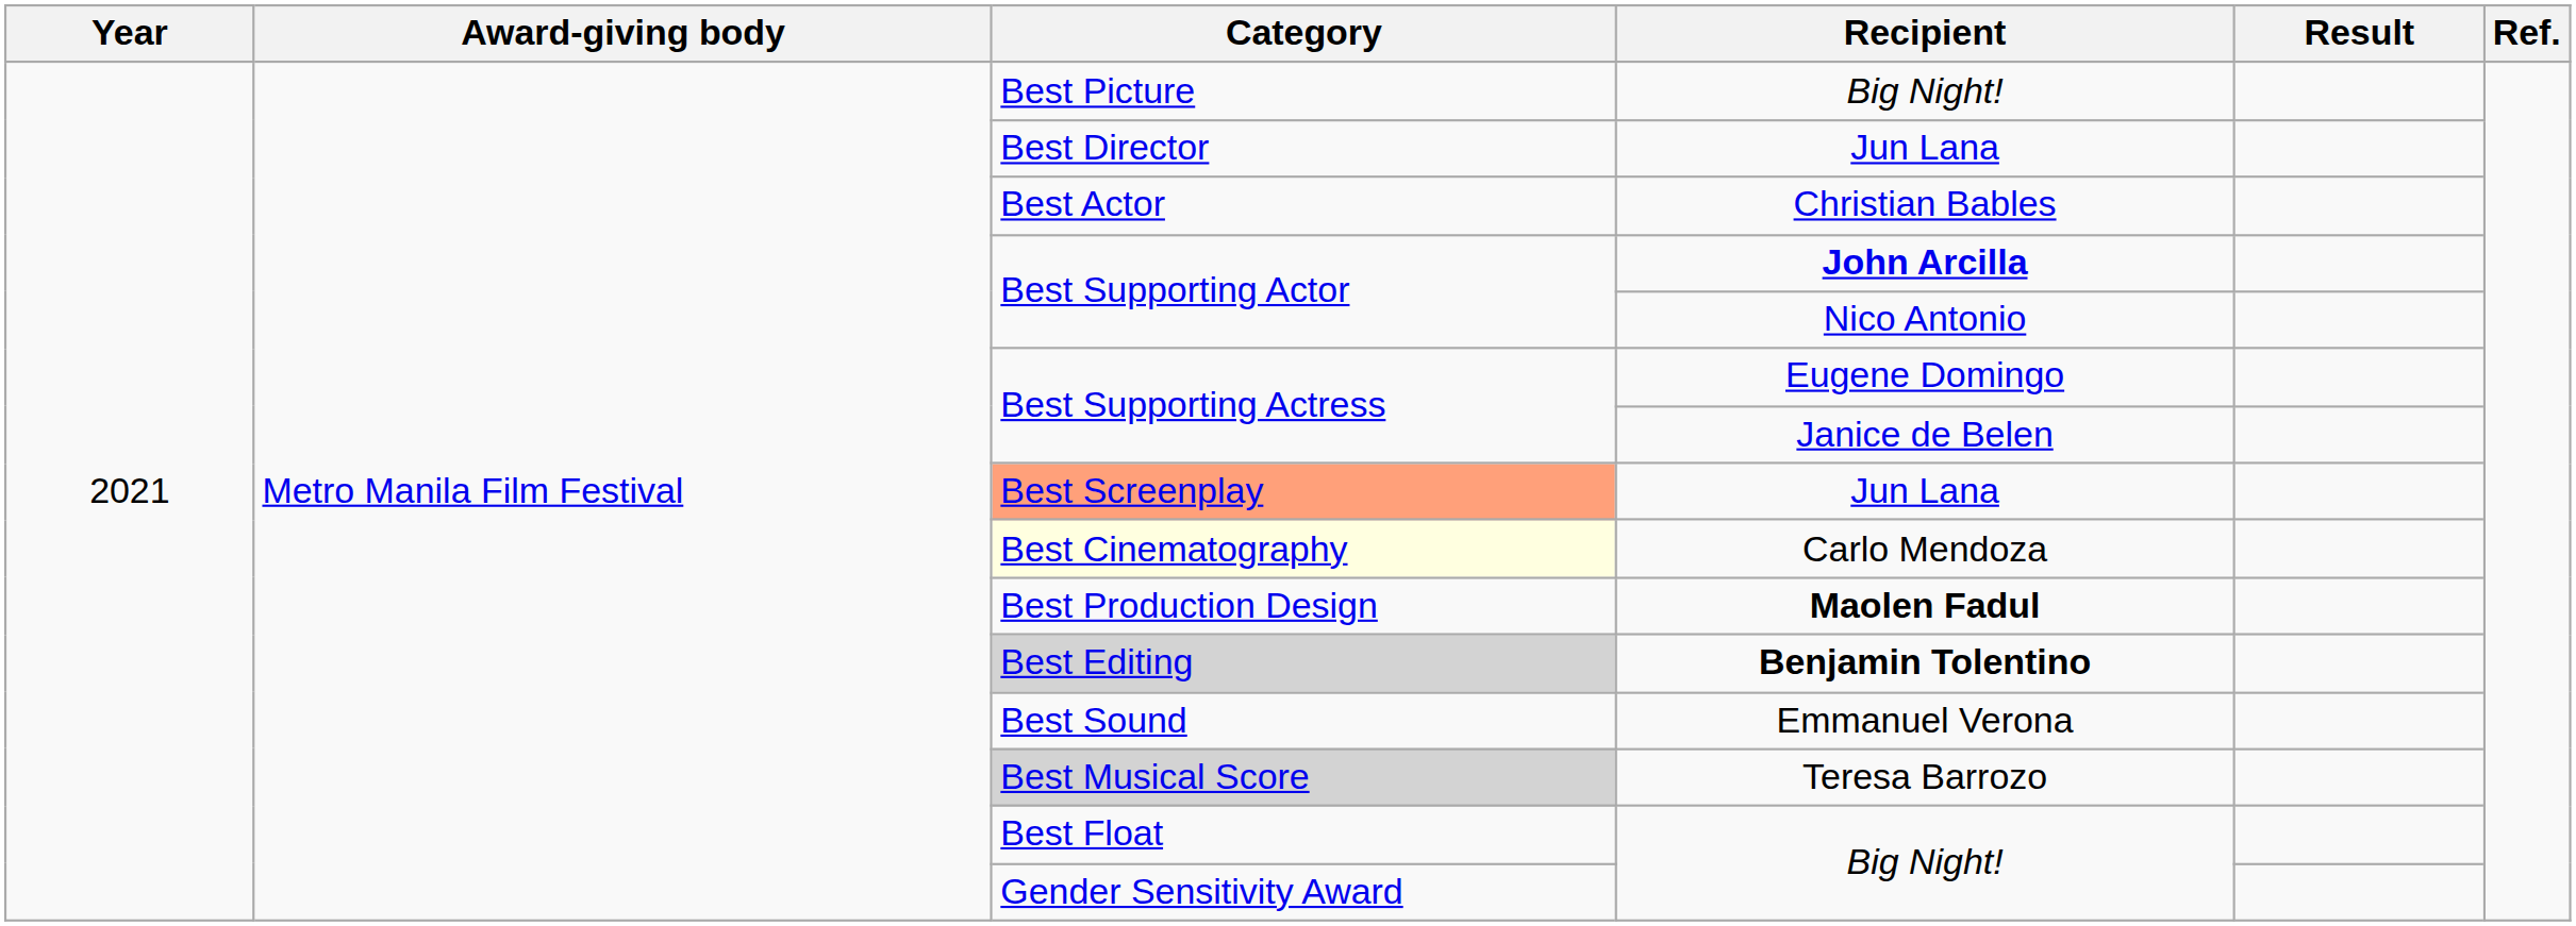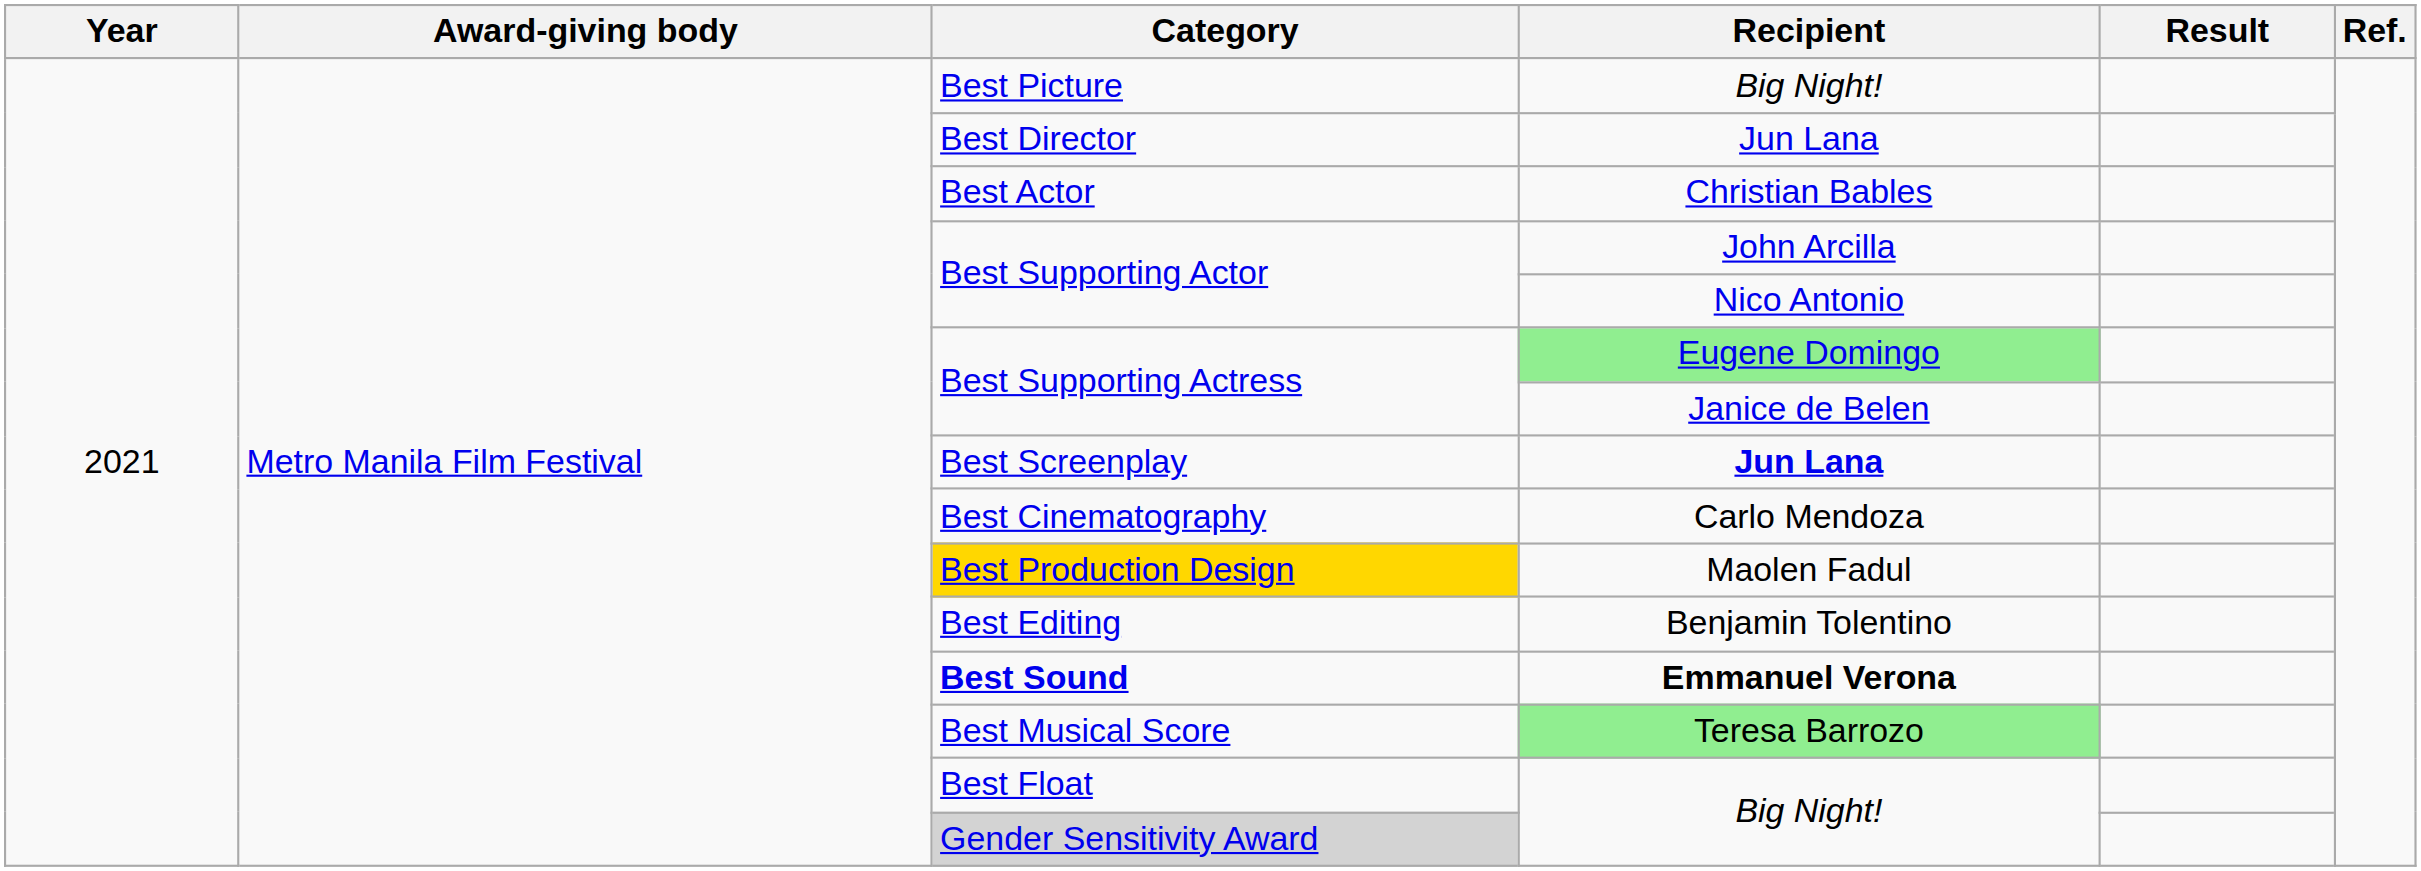 <table | width="90%" class="wikitable sortable" style="text-align:center">
 <tr>
 <th width="10%">Year</th>
 <th width="30%">Award-giving body</th>
 <th width="25%">Category</th>
 <th width="25%">Recipient</th>
 <th width="10%">Result</th>
 <th width="5%">Ref.</th>
 </tr>
 <tr>
 <td rowspan="15">2021</td>
 <td rowspan="15" style="text-align:left"><a href='#'>Metro Manila Film Festival</a></td>
 <td style="text-align:left"><a href='#'>Best Picture</a></td>
 <td><em>Big Night!</em></td>
 <td></td>
 <td rowspan="15"></td>
 </tr>
 <tr>
 <td style="text-align:left"><a href='#'>Best Director</a></td>
 <td><a href='#'>Jun Lana</a></td>
 <td></td>
 </tr>
 <tr>
 <td style="text-align:left"><a href='#'>Best Actor</a></td>
 <td><a href='#'>Christian Bables</a></td>
 <td></td>
 </tr>
 <tr>
 <td rowspan="2" style="text-align:left"><a href='#'>Best Supporting Actor</a></td>
-<td><strong><a href='#'>John Arcilla</a></strong></td>
+<td><a href='#'>John Arcilla</a></td>
 <td></td>
 </tr>
 <tr>
 <td><a href='#'>Nico Antonio</a></td>
 <td></td>
 </tr>
 <tr>
 <td rowspan="2" style="text-align:left"><a href='#'>Best Supporting Actress</a></td>
-<td><a href='#'>Eugene Domingo</a></td>
+<td style="background: lightgreen;"><a href='#'>Eugene Domingo</a></td>
 <td></td>
 </tr>
 <tr>
 <td><a href='#'>Janice de Belen</a></td>
 <td></td>
 </tr>
 <tr>
-<td style="background: lightsalmon; text-align:left"><a href='#'>Best Screenplay</a></td>
-<td><a href='#'>Jun Lana</a></td>
+<td style="text-align:left"><a href='#'>Best Screenplay</a></td>
+<td><strong><a href='#'>Jun Lana</a></strong></td>
 <td></td>
 </tr>
 <tr>
-<td style="background: lightyellow; text-align:left"><a href='#'>Best Cinematography</a></td>
+<td style="text-align:left"><a href='#'>Best Cinematography</a></td>
 <td>Carlo Mendoza</td>
 <td></td>
 </tr>
 <tr>
-<td style="text-align:left"><a href='#'>Best Production Design</a></td>
-<td><strong>Maolen Fadul</strong></td>
+<td style="background: gold; text-align:left"><a href='#'>Best Production Design</a></td>
+<td>Maolen Fadul</td>
 <td></td>
 </tr>
 <tr>
-<td style="background: lightgrey; text-align:left"><a href='#'>Best Editing</a></td>
-<td><strong>Benjamin Tolentino</strong></td>
+<td style="text-align:left"><a href='#'>Best Editing</a></td>
+<td>Benjamin Tolentino</td>
 <td></td>
 </tr>
 <tr>
-<td style="text-align:left"><a href='#'>Best Sound</a></td>
-<td>Emmanuel Verona</td>
+<td style="text-align:left"><strong><a href='#'>Best Sound</a></strong></td>
+<td><strong>Emmanuel Verona</strong></td>
 <td></td>
 </tr>
 <tr>
-<td style="background: lightgrey; text-align:left"><a href='#'>Best Musical Score</a></td>
-<td>Teresa Barrozo</td>
+<td style="text-align:left"><a href='#'>Best Musical Score</a></td>
+<td style="background: lightgreen;">Teresa Barrozo</td>
 <td></td>
 </tr>
 <tr>
 <td style="text-align:left"><a href='#'>Best Float</a></td>
 <td rowspan="2"><em>Big Night!</em></td>
 <td></td>
 </tr>
 <tr>
-<td style="text-align:left"><a href='#'>Gender Sensitivity Award</a></td>
+<td style="background: lightgrey; text-align:left"><a href='#'>Gender Sensitivity Award</a></td>
 <td></td>
 </tr>
 </table>
